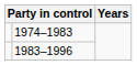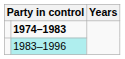 <table class="wikitable">
 <tr>
 <th colspan="2">Party in control</th>
 <th>Years</th>
 </tr>
 <tr>
 <td></td>
-<td>1974–1983</td>
+<td><strong>1974–1983</strong></td>
 </tr>
 <tr>
 <td></td>
-<td>1983–1996</td>
+<td style="background: paleturquoise;">1983–1996</td>
 </tr>
 </table>
